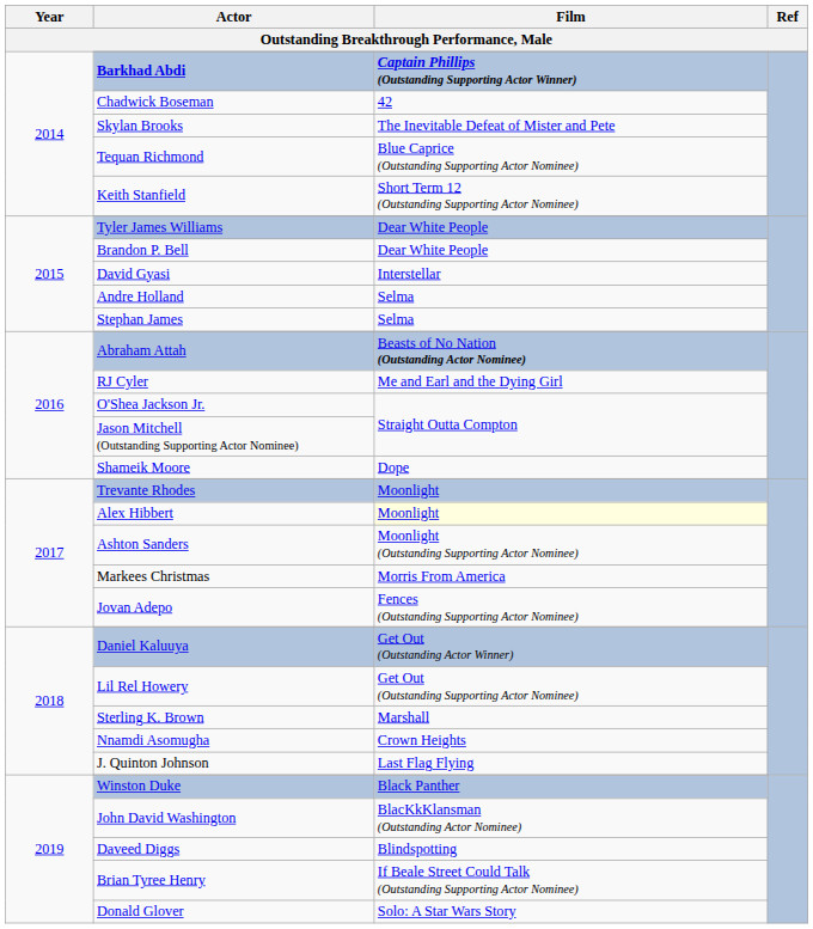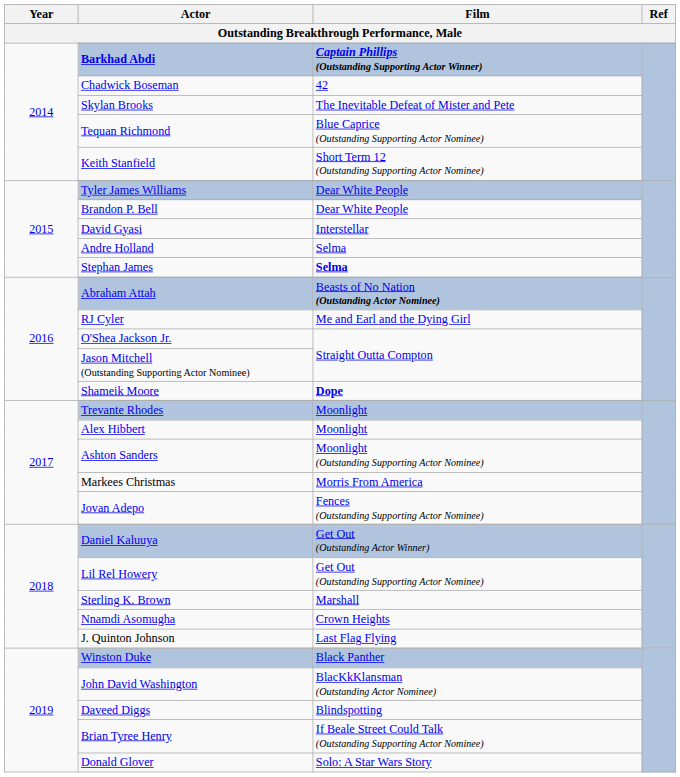 <table class="wikitable" style="width:100%;">
 <tr style="background:#bebebe;">
 <th style="width:11%;">Year</th>
 <th style="width:35%;">Actor</th>
 <th style="width:49%;">Film</th>
 <th style="width:5%;">Ref</th>
 </tr>
 <tr>
 <th colspan="6">Outstanding Breakthrough Performance, Male</th>
 </tr>
 <tr>
 <td rowspan="6" align="center"><a href='#'>2014</a></td>
 </tr>
 <tr style="background:#B0C4DE">
 <td><strong><a href='#'>Barkhad Abdi</a></strong></td>
 <td><strong><em><a href='#'>Captain Phillips</a><em> <strong> </strong><br><small>(Outstanding Supporting Actor Winner)</small><strong></td>
 <td rowspan="6" align="center"></td>
 </tr>
 <tr>
 <td><a href='#'>Chadwick Boseman</a></td>
 <td></em><a href='#'>42</a><em></td>
 </tr>
 <tr>
 <td><a href='#'>Skylan Brooks</a></td>
 <td></em><a href='#'>The Inevitable Defeat of Mister and Pete</a><em></td>
 </tr>
 <tr>
 <td><a href='#'>Tequan Richmond</a></td>
 <td></em><a href='#'>Blue Caprice</a><em> <br><small>(Outstanding Supporting Actor Nominee)</small></td>
 </tr>
 <tr>
 <td><a href='#'>Keith Stanfield</a></td>
 <td></em><a href='#'>Short Term 12</a><em> <br><small>(Outstanding Supporting Actor Nominee)</small></td>
 </tr>
 <tr>
 <td rowspan="6" align="center"><a href='#'>2015</a></td>
 </tr>
 <tr style="background:#B0C4DE">
 <td></strong><a href='#'>Tyler James Williams</a><strong></td>
 <td></em></strong><a href='#'>Dear White People</a><strong><em></td>
 <td rowspan="6" align="center"></td>
 </tr>
 <tr>
 <td><a href='#'>Brandon P. Bell</a></td>
 <td></em><a href='#'>Dear White People</a><em></td>
 </tr>
 <tr>
 <td><a href='#'>David Gyasi</a></td>
 <td></em><a href='#'>Interstellar</a><em></td>
 </tr>
 <tr>
 <td><a href='#'>Andre Holland</a></td>
 <td></em><a href='#'>Selma</a><em></td>
 </tr>
 <tr>
 <td><a href='#'>Stephan James</a></td>
-<td></em><a href='#'>Selma</a><em></td>
+<td><strong></em><a href='#'>Selma</a><em></strong></td>
 </tr>
 <tr>
 <td rowspan="6" align="center"><a href='#'>2016</a></td>
 </tr>
 <tr style="background:#B0C4DE">
 <td></strong><a href='#'>Abraham Attah</a><strong></td>
 <td></em></strong><a href='#'>Beasts of No Nation</a><strong><em> <br><small>(Outstanding Actor Nominee)</small></td>
 <td rowspan="6" align="center"></td>
 </tr>
 <tr>
 <td><a href='#'>RJ Cyler</a></td>
 <td></em><a href='#'>Me and Earl and the Dying Girl</a><em></td>
 </tr>
 <tr>
 <td><a href='#'>O'Shea Jackson Jr.</a></td>
 <td rowspan="2"></em><a href='#'>Straight Outta Compton</a><em></td>
 </tr>
 <tr>
 <td><a href='#'>Jason Mitchell</a> <br><small>(Outstanding Supporting Actor Nominee)</small></td>
 </tr>
 <tr>
 <td><a href='#'>Shameik Moore</a></td>
-<td></em><a href='#'>Dope</a><em></td>
+<td><strong></em><a href='#'>Dope</a><em></strong></td>
 </tr>
 <tr>
 <td rowspan="6" align="center"><a href='#'>2017</a></td>
 </tr>
 <tr style="background:#B0C4DE">
 <td></strong><a href='#'>Trevante Rhodes</a><strong></td>
 <td></em></strong><a href='#'>Moonlight</a><strong><em></td>
 <td rowspan="6" align="center"></td>
 </tr>
 <tr>
 <td><a href='#'>Alex Hibbert</a></td>
-<td style="background: lightyellow;"></em><a href='#'>Moonlight</a><em></td>
+<td></em><a href='#'>Moonlight</a><em></td>
 </tr>
 <tr>
 <td><a href='#'>Ashton Sanders</a></td>
 <td></em><a href='#'>Moonlight</a><em> <br><small>(Outstanding Supporting Actor Nominee)</small></td>
 </tr>
 <tr>
 <td>Markees Christmas</td>
 <td></em><a href='#'>Morris From America</a><em></td>
 </tr>
 <tr>
 <td><a href='#'>Jovan Adepo</a></td>
 <td></em><a href='#'> Fences</a><em> <br><small>(Outstanding Supporting Actor Nominee)</small></td>
 </tr>
 <tr>
 <td rowspan="6" align="center"><a href='#'>2018</a></td>
 </tr>
 <tr style="background:#B0C4DE">
 <td></strong><a href='#'>Daniel Kaluuya</a><strong></td>
 <td></em></strong><a href='#'>Get Out</a><strong><em> </strong><br><small>(Outstanding Actor Winner)</small><strong></td>
 <td rowspan="6" align="center"></td>
 </tr>
 <tr>
 <td><a href='#'>Lil Rel Howery</a></td>
 <td></em><a href='#'>Get Out</a><em> <br><small>(Outstanding Supporting Actor Nominee)</small></td>
 </tr>
 <tr>
 <td><a href='#'>Sterling K. Brown</a></td>
 <td></em><a href='#'> Marshall</a><em></td>
 </tr>
 <tr>
 <td><a href='#'>Nnamdi Asomugha</a></td>
 <td></em><a href='#'> Crown Heights</a><em></td>
 </tr>
 <tr>
 <td>J. Quinton Johnson</td>
 <td></em><a href='#'>Last Flag Flying</a><em></td>
 </tr>
 <tr>
 <td rowspan="6" align="center"><a href='#'>2019</a></td>
 </tr>
 <tr style="background:#B0C4DE">
 <td></strong><a href='#'>Winston Duke</a><strong></td>
 <td></em></strong><a href='#'>Black Panther</a><strong><em></td>
 <td rowspan="6" align="center"></td>
 </tr>
 <tr>
 <td><a href='#'>John David Washington</a></td>
 <td></em><a href='#'>BlacKkKlansman</a><em> <br><small>(Outstanding Actor Nominee)</small></td>
 </tr>
 <tr>
 <td><a href='#'>Daveed Diggs</a></td>
 <td></em><a href='#'>Blindspotting</a><em></td>
 </tr>
 <tr>
 <td><a href='#'>Brian Tyree Henry</a></td>
 <td></em><a href='#'> If Beale Street Could Talk</a><em> <br><small>(Outstanding Supporting Actor Nominee)</small></td>
 </tr>
 <tr>
 <td><a href='#'>Donald Glover</a></td>
 <td></em><a href='#'>Solo: A Star Wars Story</a><em></td>
 </tr>
 </table>
